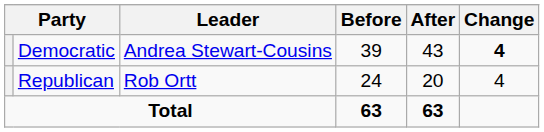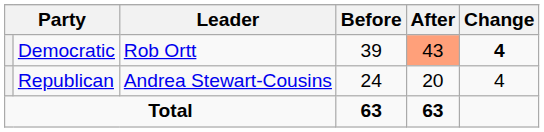 <table class="wikitable" style="text-align:center;">
 <tr>
 </tr>
 <tr>
 <th colspan=2>Party</th>
 <th>Leader</th>
 <th>Before</th>
 <th>After</th>
 <th>Change</th>
 </tr>
 <tr>
 <th style="background-color:"></th>
 <td style="text-align:left;"><a href='#'>Democratic</a></td>
-<td style="text-align:left;"><a href='#'>Andrea Stewart-Cousins</a></td>
+<td style="text-align:left;"><a href='#'>Rob Ortt</a></td>
 <td>39</td>
-<td>43</td>
+<td style="background: lightsalmon;">43</td>
 <td><strong> 4</strong></td>
 </tr>
 <tr>
 <th style="background-color:"></th>
 <td style="text-align:left;"><a href='#'>Republican</a></td>
-<td style="text-align:left;"><a href='#'>Rob Ortt</a></td>
+<td style="text-align:left;"><a href='#'>Andrea Stewart-Cousins</a></td>
 <td>24</td>
 <td>20</td>
 <td> 4</td>
 </tr>
 <tr>
 <td colspan=3><strong>Total</strong></td>
 <td><strong>63</strong></td>
 <td><strong>63</strong></td>
 <td></td>
 </tr>
 </table>
